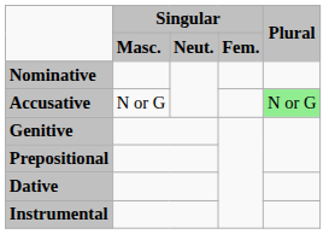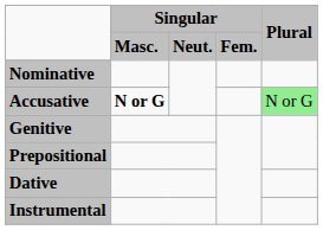 <table class="wikitable">
 <tr>
 <td rowspan=2></td>
 <td style="background:#C0C0C0" colspan="3" align="center"><strong>Singular</strong></td>
 <td style="background:#C0C0C0" rowspan="2" align="center" valign="center"><strong>Plural</strong></td>
 </tr>
 <tr>
 <td style="background:#C0C0C0"><strong>Masc.</strong></td>
 <td style="background:#C0C0C0"><strong>Neut.</strong></td>
 <td style="background:#C0C0C0"><strong>Fem.</strong></td>
 </tr>
 <tr>
 <td style="background:#C0C0C0"><strong>Nominative</strong></td>
 <td></td>
 <td rowspan="2"></td>
 <td></td>
 <td></td>
 </tr>
 <tr>
 <td style="background:#C0C0C0"><strong>Accusative</strong></td>
-<td>N or G</td>
+<td><strong>N or G</strong></td>
 <td></td>
 <td style="background: lightgreen;">N or G</td>
 </tr>
 <tr>
 <td style="background:#C0C0C0"><strong>Genitive</strong></td>
 <td colspan="2"></td>
 <td rowspan="4"></td>
 <td rowspan="2"></td>
 </tr>
 <tr>
 <td style="background:#C0C0C0"><strong>Prepositional</strong></td>
 <td colspan="2"></td>
 </tr>
 <tr>
 <td style="background:#C0C0C0"><strong>Dative</strong></td>
 <td colspan="2"></td>
 <td></td>
 </tr>
 <tr>
 <td style="background:#C0C0C0"><strong>Instrumental</strong></td>
 <td colspan="2"></td>
 <td></td>
 </tr>
 </table>
